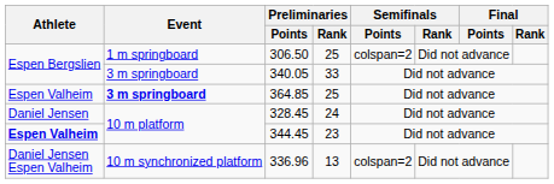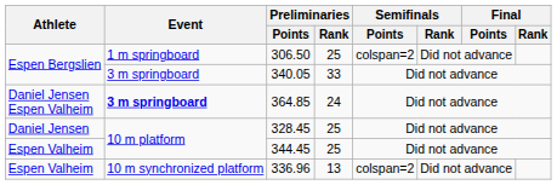 <table class=wikitable style="font-size:90%;">
 <tr>
 <th rowspan="2">Athlete</th>
 <th rowspan="2">Event</th>
 <th colspan="2">Preliminaries</th>
 <th colspan="2">Semifinals</th>
 <th colspan="2">Final</th>
 </tr>
 <tr style="font-size:95%">
 <th>Points</th>
 <th>Rank</th>
 <th>Points</th>
 <th>Rank</th>
 <th>Points</th>
 <th>Rank</th>
 </tr>
 <tr align=center>
 <td align=left rowspan=2><a href='#'>Espen Bergslien</a></td>
 <td align=left><a href='#'>1 m springboard</a></td>
 <td>306.50</td>
 <td>25</td>
 <td>colspan=2 </td>
 <td colspan=2>Did not advance</td>
 </tr>
 <tr align=center>
 <td align=left><a href='#'>3 m springboard</a></td>
 <td>340.05</td>
 <td>33</td>
 <td colspan=4>Did not advance</td>
 </tr>
 <tr align=center>
-<td align=left><a href='#'>Espen Valheim</a></td>
+<td align=left><a href='#'>Daniel Jensen</a><br><a href='#'>Espen Valheim</a></td>
 <td align=left><strong><a href='#'>3 m springboard</a></strong></td>
 <td>364.85</td>
-<td>25</td>
+<td>24</td>
 <td colspan=4>Did not advance</td>
 </tr>
 <tr align=center>
 <td align=left><a href='#'>Daniel Jensen</a></td>
 <td align=left rowspan=2><a href='#'>10 m platform</a></td>
 <td>328.45</td>
-<td>24</td>
+<td>25</td>
 <td colspan=4>Did not advance</td>
 </tr>
 <tr align=center>
-<td align=left><strong><a href='#'>Espen Valheim</a></strong></td>
+<td align=left><a href='#'>Espen Valheim</a></td>
 <td>344.45</td>
-<td>23</td>
+<td>25</td>
 <td colspan=4>Did not advance</td>
 </tr>
 <tr align=center>
-<td align=left><a href='#'>Daniel Jensen</a><br><a href='#'>Espen Valheim</a></td>
+<td align=left><a href='#'>Espen Valheim</a></td>
 <td align=left><a href='#'>10 m synchronized platform</a></td>
 <td>336.96</td>
 <td>13</td>
 <td>colspan=2 </td>
 <td colspan=2>Did not advance</td>
 </tr>
 </table>
